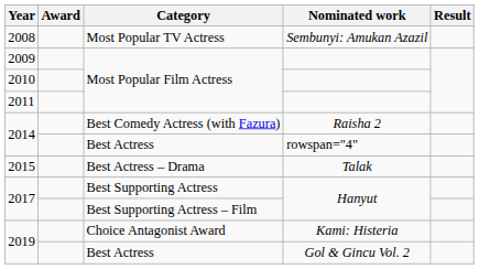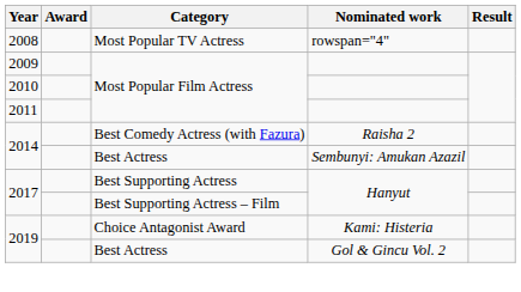 <table class="wikitable">
 <tr style="text-align:center;">
 <th>Year</th>
 <th>Award</th>
 <th>Category</th>
 <th>Nominated work</th>
 <th>Result</th>
 </tr>
 <tr>
 <td>2008</td>
 <td></td>
 <td>Most Popular TV Actress</td>
-<td style="text-align:center;"><em>Sembunyi: Amukan Azazil</em></td>
+<td>rowspan="4" </td>
 <td></td>
 </tr>
 <tr>
 <td>2009</td>
 <td></td>
 <td rowspan="3">Most Popular Film Actress</td>
 <td></td>
 </tr>
 <tr>
 <td>2010</td>
 <td></td>
 <td></td>
 </tr>
 <tr>
 <td>2011</td>
 <td></td>
 <td></td>
 </tr>
 <tr>
 <td rowspan="2">2014</td>
 <td></td>
 <td>Best Comedy Actress (with <a href='#'>Fazura</a>)</td>
 <td style="text-align:center;"><em>Raisha 2</em></td>
 <td></td>
 </tr>
 <tr>
 <td></td>
 <td>Best Actress</td>
-<td>rowspan="4" </td>
-<td></td>
-</tr>
-<tr>
-<td style="text-align:center;">2015</td>
-<td></td>
-<td>Best Actress – Drama</td>
-<td style="text-align:center;"><em>Talak</em></td>
+<td style="text-align:center;"><em>Sembunyi: Amukan Azazil</em></td>
 <td></td>
 </tr>
 <tr>
 <td rowspan="2" style="text-align:center;">2017</td>
 <td></td>
 <td>Best Supporting Actress</td>
 <td rowspan="2" style="text-align:center;"><em>Hanyut</em></td>
 <td></td>
 </tr>
 <tr>
 <td></td>
 <td>Best Supporting Actress – Film</td>
 <td></td>
 </tr>
 <tr>
 <td rowspan="2" style="text-align:center;">2019</td>
 <td></td>
 <td>Choice Antagonist Award</td>
 <td style="text-align:center;"><em>Kami: Histeria</em></td>
 <td></td>
 </tr>
 <tr>
 <td></td>
 <td>Best Actress</td>
 <td style="text-align:center;"><em>Gol & Gincu Vol. 2</em></td>
 <td></td>
 </tr>
 </table>
